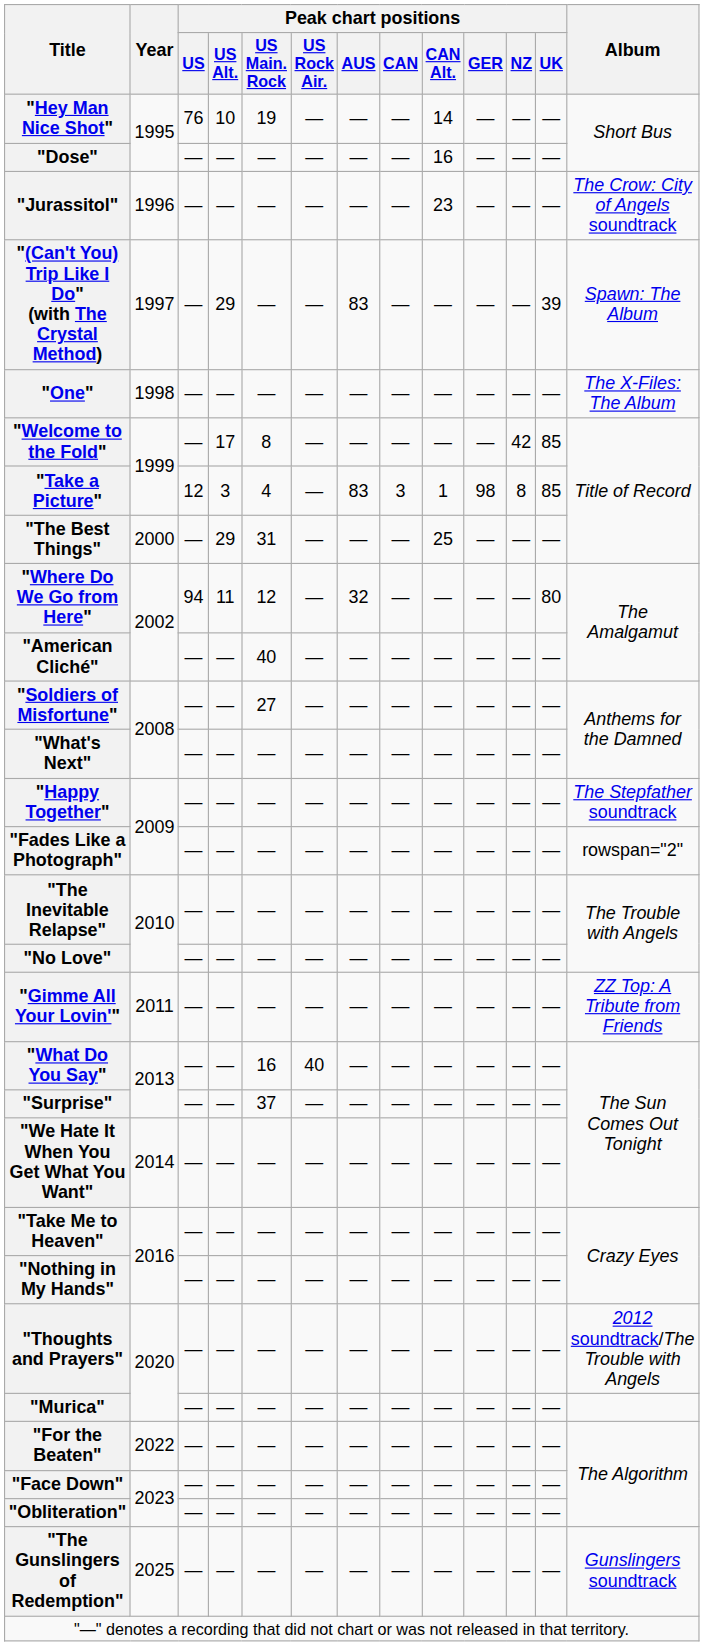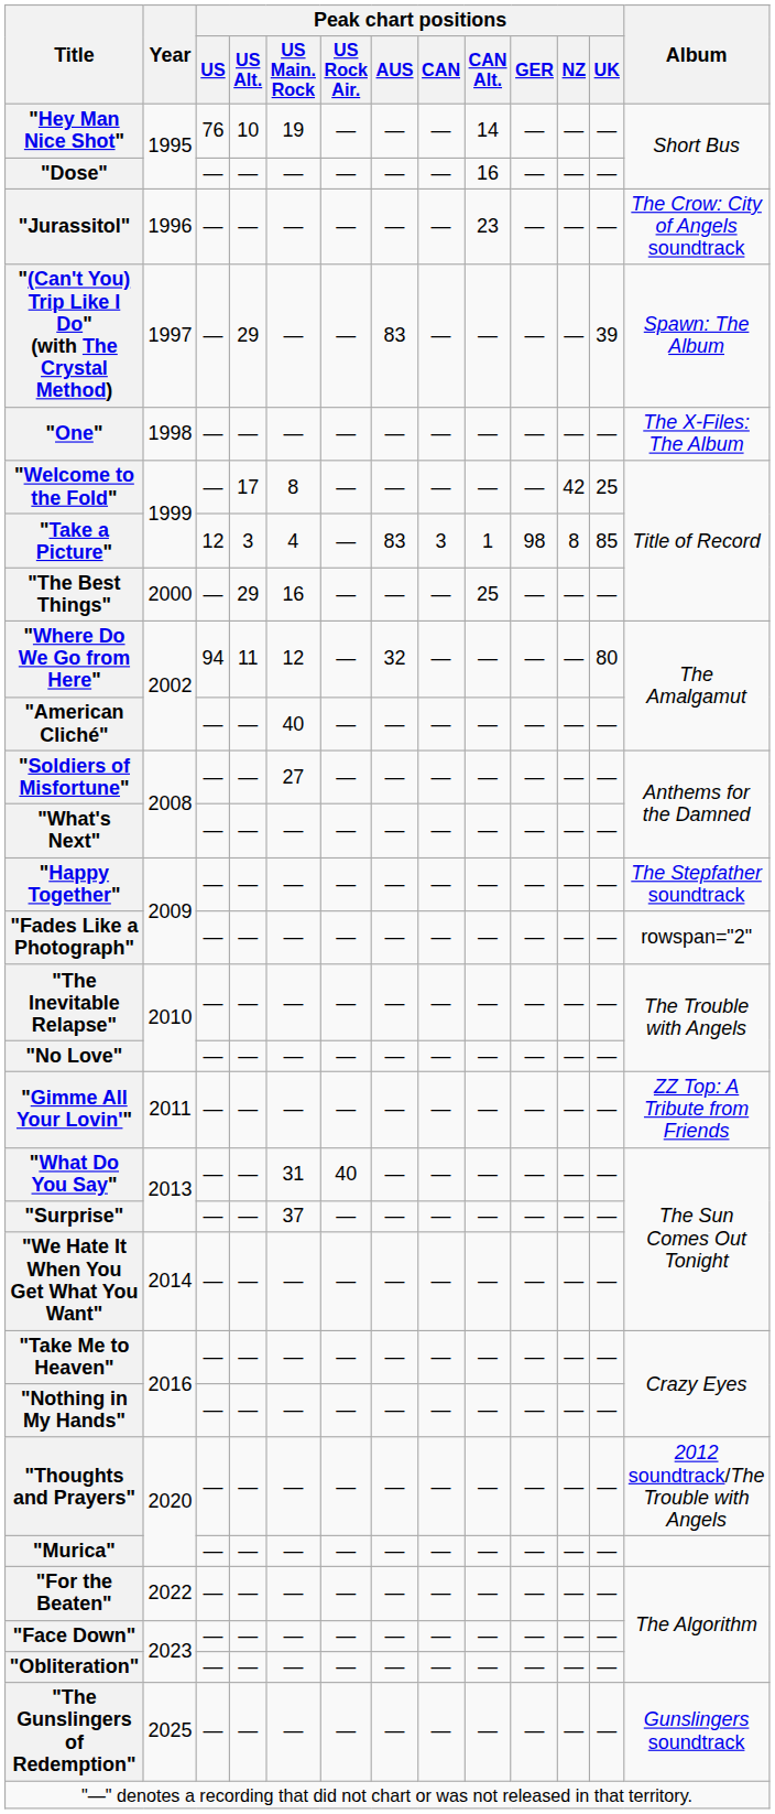 <table class="wikitable plainrowheaders" style="text-align:center;">
 <tr>
 <th scope="col" rowspan="2" style="width:22.1em;">Title</th>
 <th scope="col" rowspan="2">Year</th>
 <th scope="col" colspan="10">Peak chart positions</th>
 <th scope="col" rowspan="2">Album</th>
 </tr>
 <tr>
 <th scope="col" style="width:3em;font-size:90%;"><a href='#'>US</a><br></th>
 <th scope="col" style="width:3em;font-size:90%;"><a href='#'>US<br>Alt.</a><br></th>
 <th scope="col" style="width:3em;font-size:90%;"><a href='#'>US<br>Main. Rock</a><br></th>
 <th scope="col" style="width:3em;font-size:90%;"><a href='#'>US<br>Rock<br>Air.</a><br></th>
 <th scope="col" style="width:3em;font-size:90%;"><a href='#'>AUS</a><br></th>
 <th scope="col" style="width:3em;font-size:90%;"><a href='#'>CAN</a><br></th>
 <th scope="col" style="width:3em;font-size:90%;"><a href='#'>CAN<br>Alt.</a><br></th>
 <th scope="col" style="width:3em;font-size:90%;"><a href='#'>GER</a><br></th>
 <th scope="col" style="width:3em;font-size:90%;"><a href='#'>NZ</a><br></th>
 <th scope="col" style="width:3em;font-size:90%;"><a href='#'>UK</a><br></th>
 </tr>
 <tr>
 <th scope="row">"<a href='#'>Hey Man Nice Shot</a>"</th>
 <td rowspan="2">1995</td>
 <td>76</td>
 <td>10</td>
 <td>19</td>
 <td>—</td>
 <td>—</td>
 <td>—</td>
 <td>14</td>
 <td>—</td>
 <td>—</td>
 <td>—</td>
 <td rowspan="2"><em>Short Bus</em></td>
 </tr>
 <tr>
 <th scope="row">"Dose"</th>
 <td>—</td>
 <td>—</td>
 <td>—</td>
 <td>—</td>
 <td>—</td>
 <td>—</td>
 <td>16</td>
 <td>—</td>
 <td>—</td>
 <td>—</td>
 </tr>
 <tr>
 <th scope="row">"Jurassitol"</th>
 <td>1996</td>
 <td>—</td>
 <td>—</td>
 <td>—</td>
 <td>—</td>
 <td>—</td>
 <td>—</td>
 <td>23</td>
 <td>—</td>
 <td>—</td>
 <td>—</td>
 <td><a href='#'><em>The Crow: City of Angels</em> soundtrack</a></td>
 </tr>
 <tr>
 <th scope="row">"<a href='#'>(Can't You) Trip Like I Do</a>"<br><span>(with <a href='#'>The Crystal Method</a>)</span></th>
 <td>1997</td>
 <td>—</td>
 <td>29</td>
 <td>—</td>
 <td>—</td>
 <td>83</td>
 <td>—</td>
 <td>—</td>
 <td>—</td>
 <td>—</td>
 <td>39</td>
 <td><em><a href='#'>Spawn: The Album</a></em></td>
 </tr>
 <tr>
 <th scope="row">"<a href='#'>One</a>"</th>
 <td>1998</td>
 <td>—</td>
 <td>—</td>
 <td>—</td>
 <td>—</td>
 <td>—</td>
 <td>—</td>
 <td>—</td>
 <td>—</td>
 <td>—</td>
 <td>—</td>
 <td><em><a href='#'>The X-Files: The Album</a></em></td>
 </tr>
 <tr>
 <th scope="row">"<a href='#'>Welcome to the Fold</a>"</th>
 <td rowspan="2">1999</td>
 <td>—</td>
 <td>17</td>
 <td>8</td>
 <td>—</td>
 <td>—</td>
 <td>—</td>
 <td>—</td>
 <td>—</td>
 <td>42</td>
-<td>85</td>
+<td>25</td>
 <td rowspan="3"><em>Title of Record</em></td>
 </tr>
 <tr>
 <th scope="row">"<a href='#'>Take a Picture</a>"</th>
 <td>12</td>
 <td>3</td>
 <td>4</td>
 <td>—</td>
 <td>83</td>
 <td>3</td>
 <td>1</td>
 <td>98</td>
 <td>8</td>
 <td>85</td>
 </tr>
 <tr>
 <th scope="row">"The Best Things"</th>
 <td>2000</td>
 <td>—</td>
 <td>29</td>
-<td>31</td>
+<td>16</td>
 <td>—</td>
 <td>—</td>
 <td>—</td>
 <td>25</td>
 <td>—</td>
 <td>—</td>
 <td>—</td>
 </tr>
 <tr>
 <th scope="row">"<a href='#'>Where Do We Go from Here</a>"</th>
 <td rowspan="2">2002</td>
 <td>94</td>
 <td>11</td>
 <td>12</td>
 <td>—</td>
 <td>32</td>
 <td>—</td>
 <td>—</td>
 <td>—</td>
 <td>—</td>
 <td>80</td>
 <td rowspan="2"><em>The Amalgamut</em></td>
 </tr>
 <tr>
 <th scope="row">"American Cliché"</th>
 <td>—</td>
 <td>—</td>
 <td>40</td>
 <td>—</td>
 <td>—</td>
 <td>—</td>
 <td>—</td>
 <td>—</td>
 <td>—</td>
 <td>—</td>
 </tr>
 <tr>
 <th scope="row">"<a href='#'>Soldiers of Misfortune</a>"</th>
 <td rowspan="2">2008</td>
 <td>—</td>
 <td>—</td>
 <td>27</td>
 <td>—</td>
 <td>—</td>
 <td>—</td>
 <td>—</td>
 <td>—</td>
 <td>—</td>
 <td>—</td>
 <td rowspan="2"><em>Anthems for the Damned</em></td>
 </tr>
 <tr>
 <th scope="row">"What's Next"</th>
 <td>—</td>
 <td>—</td>
 <td>—</td>
 <td>—</td>
 <td>—</td>
 <td>—</td>
 <td>—</td>
 <td>—</td>
 <td>—</td>
 <td>—</td>
 </tr>
 <tr>
 <th scope="row">"<a href='#'>Happy Together</a>"</th>
 <td rowspan="2">2009</td>
 <td>—</td>
 <td>—</td>
 <td>—</td>
 <td>—</td>
 <td>—</td>
 <td>—</td>
 <td>—</td>
 <td>—</td>
 <td>—</td>
 <td>—</td>
 <td><a href='#'><em>The Stepfather</em> soundtrack</a></td>
 </tr>
 <tr>
 <th scope="row">"Fades Like a Photograph"</th>
 <td>—</td>
 <td>—</td>
 <td>—</td>
 <td>—</td>
 <td>—</td>
 <td>—</td>
 <td>—</td>
 <td>—</td>
 <td>—</td>
 <td>—</td>
 <td>rowspan="2" </td>
 </tr>
 <tr>
 <th scope="row">"The Inevitable Relapse"</th>
 <td rowspan="2">2010</td>
 <td>—</td>
 <td>—</td>
 <td>—</td>
 <td>—</td>
 <td>—</td>
 <td>—</td>
 <td>—</td>
 <td>—</td>
 <td>—</td>
 <td>—</td>
 <td rowspan="2"><em>The Trouble with Angels</em></td>
 </tr>
 <tr>
 <th scope="row">"No Love"</th>
 <td>—</td>
 <td>—</td>
 <td>—</td>
 <td>—</td>
 <td>—</td>
 <td>—</td>
 <td>—</td>
 <td>—</td>
 <td>—</td>
 <td>—</td>
 </tr>
 <tr>
 <th scope="row">"<a href='#'>Gimme All Your Lovin'</a>"</th>
 <td>2011</td>
 <td>—</td>
 <td>—</td>
 <td>—</td>
 <td>—</td>
 <td>—</td>
 <td>—</td>
 <td>—</td>
 <td>—</td>
 <td>—</td>
 <td>—</td>
 <td><em><a href='#'>ZZ Top: A Tribute from Friends</a></em></td>
 </tr>
 <tr>
 <th scope="row">"<a href='#'>What Do You Say</a>"</th>
 <td rowspan="2">2013</td>
 <td>—</td>
 <td>—</td>
-<td>16</td>
+<td>31</td>
 <td>40</td>
 <td>—</td>
 <td>—</td>
 <td>—</td>
 <td>—</td>
 <td>—</td>
 <td>—</td>
 <td rowspan="3"><em>The Sun Comes Out Tonight</em></td>
 </tr>
 <tr>
 <th scope="row">"Surprise"</th>
 <td>—</td>
 <td>—</td>
 <td>37</td>
 <td>—</td>
 <td>—</td>
 <td>—</td>
 <td>—</td>
 <td>—</td>
 <td>—</td>
 <td>—</td>
 </tr>
 <tr>
 <th scope="row">"We Hate It When You Get What You Want"</th>
 <td>2014</td>
 <td>—</td>
 <td>—</td>
 <td>—</td>
 <td>—</td>
 <td>—</td>
 <td>—</td>
 <td>—</td>
 <td>—</td>
 <td>—</td>
 <td>—</td>
 </tr>
 <tr>
 <th scope="row">"Take Me to Heaven"</th>
 <td rowspan="2">2016</td>
 <td>—</td>
 <td>—</td>
 <td>—</td>
 <td>—</td>
 <td>—</td>
 <td>—</td>
 <td>—</td>
 <td>—</td>
 <td>—</td>
 <td>—</td>
 <td rowspan="2"><em>Crazy Eyes</em></td>
 </tr>
 <tr>
 <th scope="row">"Nothing in My Hands"</th>
 <td>—</td>
 <td>—</td>
 <td>—</td>
 <td>—</td>
 <td>—</td>
 <td>—</td>
 <td>—</td>
 <td>—</td>
 <td>—</td>
 <td>—</td>
 </tr>
 <tr>
 <th scope="row">"Thoughts and Prayers"</th>
 <td rowspan="2">2020</td>
 <td>—</td>
 <td>—</td>
 <td>—</td>
 <td>—</td>
 <td>—</td>
 <td>—</td>
 <td>—</td>
 <td>—</td>
 <td>—</td>
 <td>—</td>
 <td><a href='#'><em>2012</em> soundtrack</a>/<em>The Trouble with Angels</em></td>
 </tr>
 <tr>
 <th scope="row">"Murica"</th>
 <td>—</td>
 <td>—</td>
 <td>—</td>
 <td>—</td>
 <td>—</td>
 <td>—</td>
 <td>—</td>
 <td>—</td>
 <td>—</td>
 <td>—</td>
 </tr>
 <tr>
 <th scope="row">"For the Beaten"</th>
 <td>2022</td>
 <td>—</td>
 <td>—</td>
 <td>—</td>
 <td>—</td>
 <td>—</td>
 <td>—</td>
 <td>—</td>
 <td>—</td>
 <td>—</td>
 <td>—</td>
 <td rowspan="3"><em>The Algorithm</em></td>
 </tr>
 <tr>
 <th scope="row">"Face Down"</th>
 <td rowspan="2">2023</td>
 <td>—</td>
 <td>—</td>
 <td>—</td>
 <td>—</td>
 <td>—</td>
 <td>—</td>
 <td>—</td>
 <td>—</td>
 <td>—</td>
 <td>—</td>
 </tr>
 <tr>
 <th scope="row">"Obliteration"</th>
 <td>—</td>
 <td>—</td>
 <td>—</td>
 <td>—</td>
 <td>—</td>
 <td>—</td>
 <td>—</td>
 <td>—</td>
 <td>—</td>
 <td>—</td>
 </tr>
 <tr>
 <th scope="row">"The Gunslingers of Redemption"</th>
 <td>2025</td>
 <td>—</td>
 <td>—</td>
 <td>—</td>
 <td>—</td>
 <td>—</td>
 <td>—</td>
 <td>—</td>
 <td>—</td>
 <td>—</td>
 <td>—</td>
 <td><a href='#'><em>Gunslingers</em> soundtrack</a></td>
 </tr>
 <tr>
 <td colspan="14" style="font-size:90%">"—" denotes a recording that did not chart or was not released in that territory.</td>
 </tr>
 </table>
